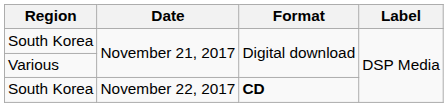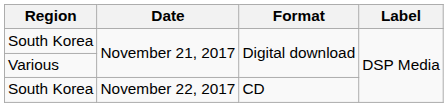 <table class="wikitable">
 <tr>
 <th>Region</th>
 <th>Date</th>
 <th>Format</th>
 <th>Label</th>
 </tr>
 <tr>
 <td>South Korea</td>
 <td rowspan="2">November 21, 2017</td>
 <td rowspan="2">Digital download</td>
 <td rowspan="3">DSP Media</td>
 </tr>
 <tr>
 <td>Various</td>
 </tr>
 <tr>
 <td>South Korea</td>
 <td>November 22, 2017</td>
-<td><strong>CD</strong></td>
+<td>CD</td>
 </tr>
 </table>
